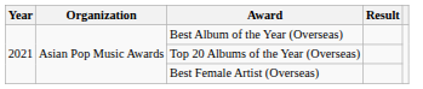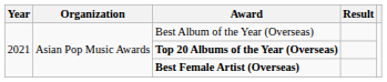 <table class="wikitable plainrowheaders">
 <tr align=center>
 <th scope="col">Year</th>
 <th scope="col">Organization</th>
 <th scope="col">Award</th>
 <th scope="col">Result</th>
 <th scope="col"></th>
 </tr>
 <tr>
 <td align="center" rowspan="3">2021</td>
 <td rowspan="3">Asian Pop Music Awards</td>
 <td>Best Album of the Year (Overseas)</td>
 <td></td>
 <td rowspan="3" style="text-align:center"></td>
 </tr>
 <tr>
-<td>Top 20 Albums of the Year (Overseas)</td>
+<td><strong>Top 20 Albums of the Year (Overseas)</strong></td>
 <td></td>
 </tr>
 <tr>
-<td>Best Female Artist (Overseas)</td>
+<td><strong>Best Female Artist (Overseas)</strong></td>
 <td></td>
 </tr>
 </table>
